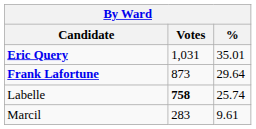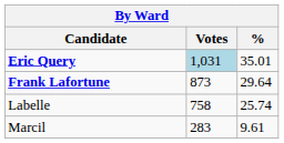 <table class="wikitable">
 <tr>
 <th colspan="3"><a href='#'>By Ward</a></th>
 </tr>
 <tr>
 <th style="width: 200px">Candidate</th>
 <th style="width: 50px">Votes</th>
 <th style="width: 40px">%</th>
 </tr>
 <tr>
 <td><strong><a href='#'>Eric Query</a></strong></td>
-<td>1,031</td>
+<td style="background: lightblue;">1,031</td>
 <td>35.01</td>
 </tr>
 <tr>
 <td><strong><a href='#'>Frank Lafortune</a></strong></td>
 <td>873</td>
 <td>29.64</td>
 </tr>
 <tr>
 <td>Labelle</td>
-<td><strong>758</strong></td>
+<td>758</td>
 <td>25.74</td>
 </tr>
 <tr>
 <td>Marcil</td>
 <td>283</td>
 <td>9.61</td>
 </tr>
 </table>
